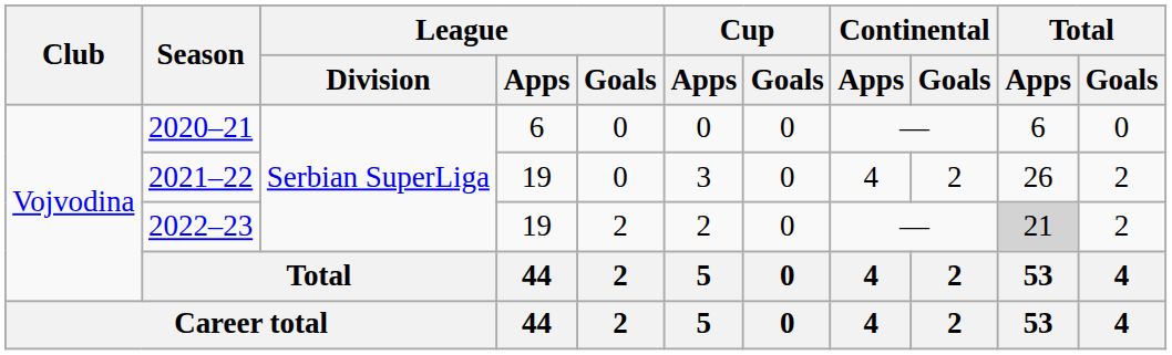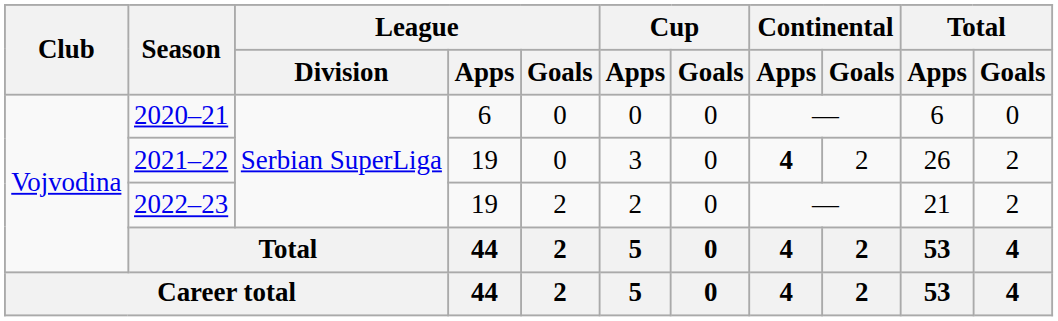 <table class="wikitable" style="text-align: center;font-size:90%">
 <tr>
 <th rowspan="2">Club</th>
 <th rowspan="2">Season</th>
 <th colspan="3">League</th>
 <th colspan="2">Cup</th>
 <th colspan="2">Continental</th>
 <th colspan="2">Total</th>
 </tr>
 <tr>
 <th>Division</th>
 <th>Apps</th>
 <th>Goals</th>
 <th>Apps</th>
 <th>Goals</th>
 <th>Apps</th>
 <th>Goals</th>
 <th>Apps</th>
 <th>Goals</th>
 </tr>
 <tr>
 <td rowspan="4" valign="center"><a href='#'>Vojvodina</a></td>
 <td><a href='#'>2020–21</a></td>
 <td rowspan="3"><a href='#'>Serbian SuperLiga</a></td>
 <td>6</td>
 <td>0</td>
 <td>0</td>
 <td>0</td>
 <td colspan="2">—</td>
 <td>6</td>
 <td>0</td>
 </tr>
 <tr>
 <td><a href='#'>2021–22</a></td>
 <td>19</td>
 <td>0</td>
 <td>3</td>
 <td>0</td>
-<td>4</td>
+<td><strong>4</strong></td>
 <td>2</td>
 <td>26</td>
 <td>2</td>
 </tr>
 <tr>
 <td><a href='#'>2022–23</a></td>
 <td>19</td>
 <td>2</td>
 <td>2</td>
 <td>0</td>
 <td colspan="2">—</td>
-<td style="background: lightgrey;">21</td>
+<td>21</td>
 <td>2</td>
 </tr>
 <tr>
 <th colspan="2">Total</th>
 <th>44</th>
 <th>2</th>
 <th>5</th>
 <th>0</th>
 <th>4</th>
 <th>2</th>
 <th>53</th>
 <th>4</th>
 </tr>
 <tr>
 <th colspan="3">Career total</th>
 <th>44</th>
 <th>2</th>
 <th>5</th>
 <th>0</th>
 <th>4</th>
 <th>2</th>
 <th>53</th>
 <th>4</th>
 </tr>
 </table>
